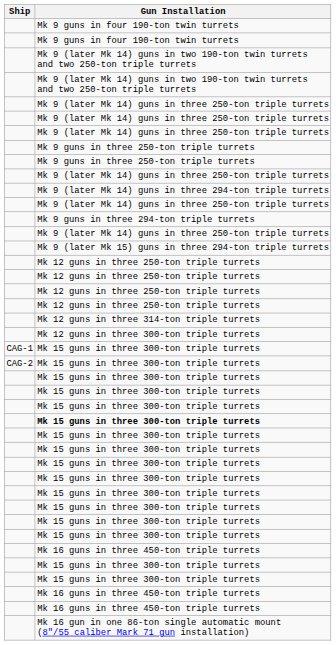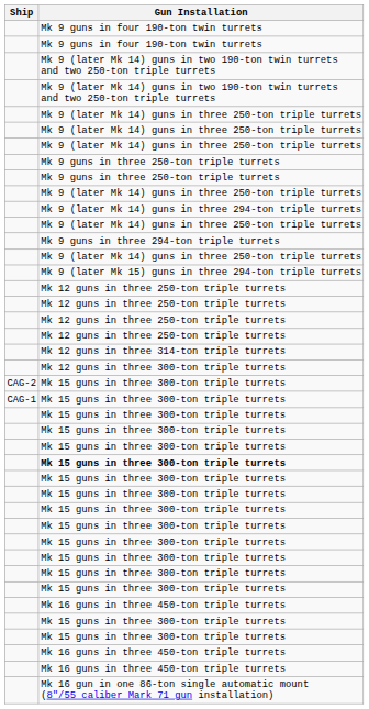 <table class="wikitable">
 <tr>
 <th>Ship</th>
 <th>Gun Installation</th>
 </tr>
 <tr>
 <td></td>
 <td>Mk 9 guns in four 190-ton twin turrets</td>
 </tr>
 <tr>
 <td></td>
 <td>Mk 9 guns in four 190-ton twin turrets</td>
 </tr>
 <tr>
 <td></td>
 <td>Mk 9 (later Mk 14) guns in two 190-ton twin turrets <br>and two 250-ton triple turrets<br></td>
 </tr>
 <tr>
 <td></td>
 <td>Mk 9 (later Mk 14) guns in two 190-ton twin turrets <br>and two 250-ton triple turrets<br></td>
 </tr>
 <tr>
 <td></td>
 <td>Mk 9 (later Mk 14) guns in three 250-ton triple turrets</td>
 </tr>
 <tr>
 <td></td>
 <td>Mk 9 (later Mk 14) guns in three 250-ton triple turrets</td>
 </tr>
 <tr>
 <td></td>
 <td>Mk 9 (later Mk 14) guns in three 250-ton triple turrets</td>
 </tr>
 <tr>
 <td></td>
 <td>Mk 9 guns in three 250-ton triple turrets</td>
 </tr>
 <tr>
 <td></td>
 <td>Mk 9 guns in three 250-ton triple turrets</td>
 </tr>
 <tr>
 <td></td>
 <td>Mk 9 (later Mk 14) guns in three 250-ton triple turrets</td>
 </tr>
 <tr>
 <td></td>
 <td>Mk 9 (later Mk 14) guns in three 294-ton triple turrets</td>
 </tr>
 <tr>
 <td></td>
 <td>Mk 9 (later Mk 14) guns in three 250-ton triple turrets</td>
 </tr>
 <tr>
 <td></td>
 <td>Mk 9 guns in three 294-ton triple turrets</td>
 </tr>
 <tr>
 <td></td>
 <td>Mk 9 (later Mk 14) guns in three 250-ton triple turrets</td>
 </tr>
 <tr>
 <td></td>
 <td>Mk 9 (later Mk 15) guns in three 294-ton triple turrets</td>
 </tr>
 <tr>
 <td></td>
 <td>Mk 12 guns in three 250-ton triple turrets</td>
 </tr>
 <tr>
 <td></td>
 <td>Mk 12 guns in three 250-ton triple turrets</td>
 </tr>
 <tr>
 <td></td>
 <td>Mk 12 guns in three 250-ton triple turrets</td>
 </tr>
 <tr>
 <td></td>
 <td>Mk 12 guns in three 250-ton triple turrets</td>
 </tr>
 <tr>
 <td></td>
 <td>Mk 12 guns in three 314-ton triple turrets</td>
 </tr>
 <tr>
 <td></td>
 <td>Mk 12 guns in three 300-ton triple turrets</td>
 </tr>
 <tr>
-<td> CAG-1</td>
+<td> CAG-2</td>
 <td>Mk 15 guns in three 300-ton triple turrets</td>
 </tr>
 <tr>
-<td> CAG-2</td>
+<td> CAG-1</td>
 <td>Mk 15 guns in three 300-ton triple turrets</td>
 </tr>
 <tr>
 <td></td>
 <td>Mk 15 guns in three 300-ton triple turrets</td>
 </tr>
 <tr>
 <td></td>
 <td>Mk 15 guns in three 300-ton triple turrets</td>
 </tr>
 <tr>
 <td></td>
 <td>Mk 15 guns in three 300-ton triple turrets</td>
 </tr>
 <tr>
 <td></td>
 <td><strong>Mk 15 guns in three 300-ton triple turrets</strong></td>
 </tr>
 <tr>
 <td></td>
 <td>Mk 15 guns in three 300-ton triple turrets</td>
 </tr>
 <tr>
 <td></td>
 <td>Mk 15 guns in three 300-ton triple turrets</td>
 </tr>
 <tr>
 <td></td>
 <td>Mk 15 guns in three 300-ton triple turrets</td>
 </tr>
 <tr>
 <td></td>
 <td>Mk 15 guns in three 300-ton triple turrets</td>
 </tr>
 <tr>
 <td></td>
 <td>Mk 15 guns in three 300-ton triple turrets</td>
 </tr>
 <tr>
 <td></td>
 <td>Mk 15 guns in three 300-ton triple turrets</td>
 </tr>
 <tr>
 <td></td>
 <td>Mk 15 guns in three 300-ton triple turrets</td>
 </tr>
 <tr>
 <td></td>
 <td>Mk 15 guns in three 300-ton triple turrets</td>
 </tr>
 <tr>
 <td></td>
 <td>Mk 16 guns in three 450-ton triple turrets</td>
 </tr>
 <tr>
 <td></td>
 <td>Mk 15 guns in three 300-ton triple turrets</td>
 </tr>
 <tr>
 <td></td>
 <td>Mk 15 guns in three 300-ton triple turrets</td>
 </tr>
 <tr>
 <td></td>
 <td>Mk 16 guns in three 450-ton triple turrets</td>
 </tr>
 <tr>
 <td></td>
 <td>Mk 16 guns in three 450-ton triple turrets</td>
 </tr>
 <tr>
 <td></td>
 <td>Mk 16 gun in one 86-ton single automatic mount <br>(<a href='#'>8"/55 caliber Mark 71 gun</a> installation)<br></td>
 </tr>
 </table>
